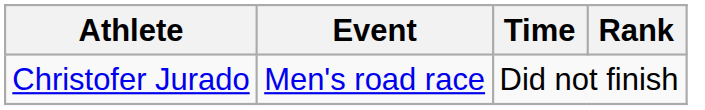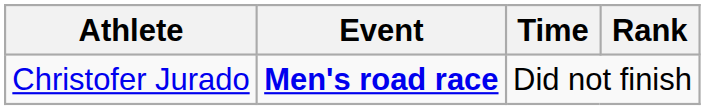 <table class=wikitable style=font-size:90%;>
 <tr>
 <th>Athlete</th>
 <th>Event</th>
 <th>Time</th>
 <th>Rank</th>
 </tr>
 <tr align=center>
 <td align=left><a href='#'>Christofer Jurado</a></td>
-<td align=left><a href='#'>Men's road race</a></td>
+<td align=left><strong><a href='#'>Men's road race</a></strong></td>
 <td colspan=2>Did not finish</td>
 </tr>
 </table>
